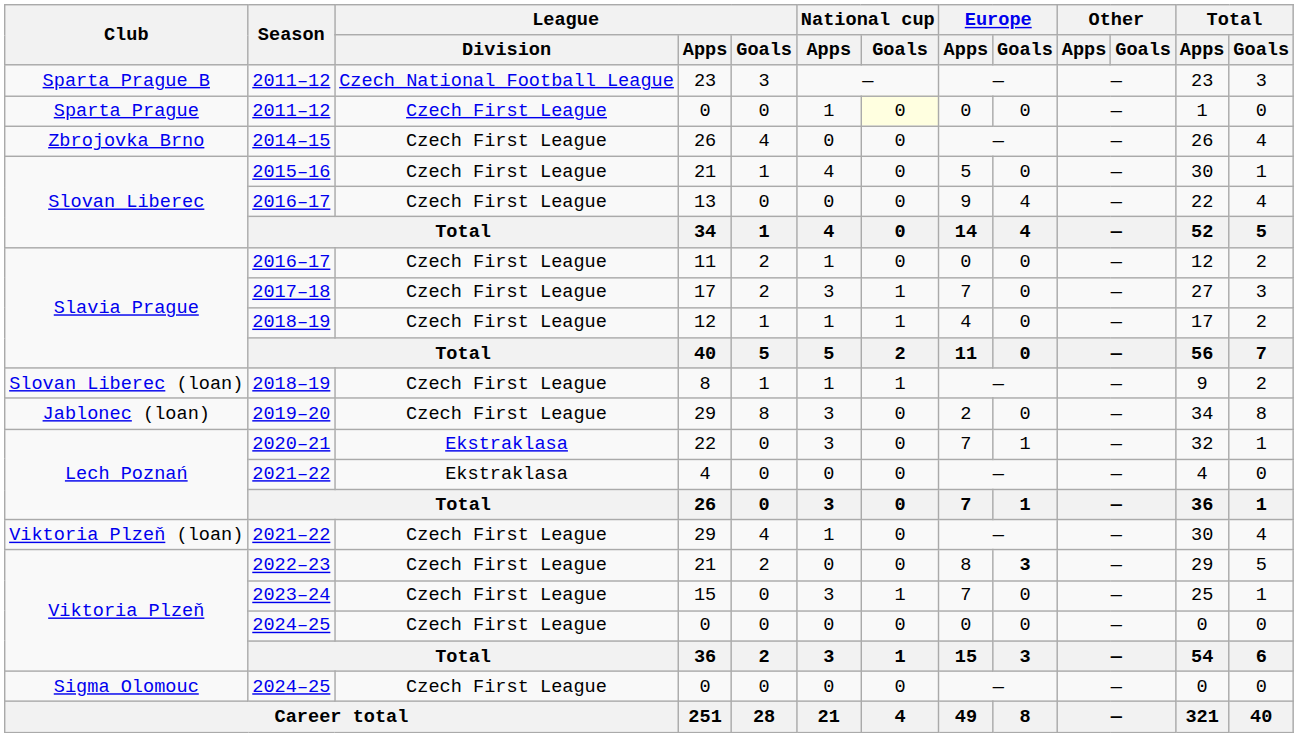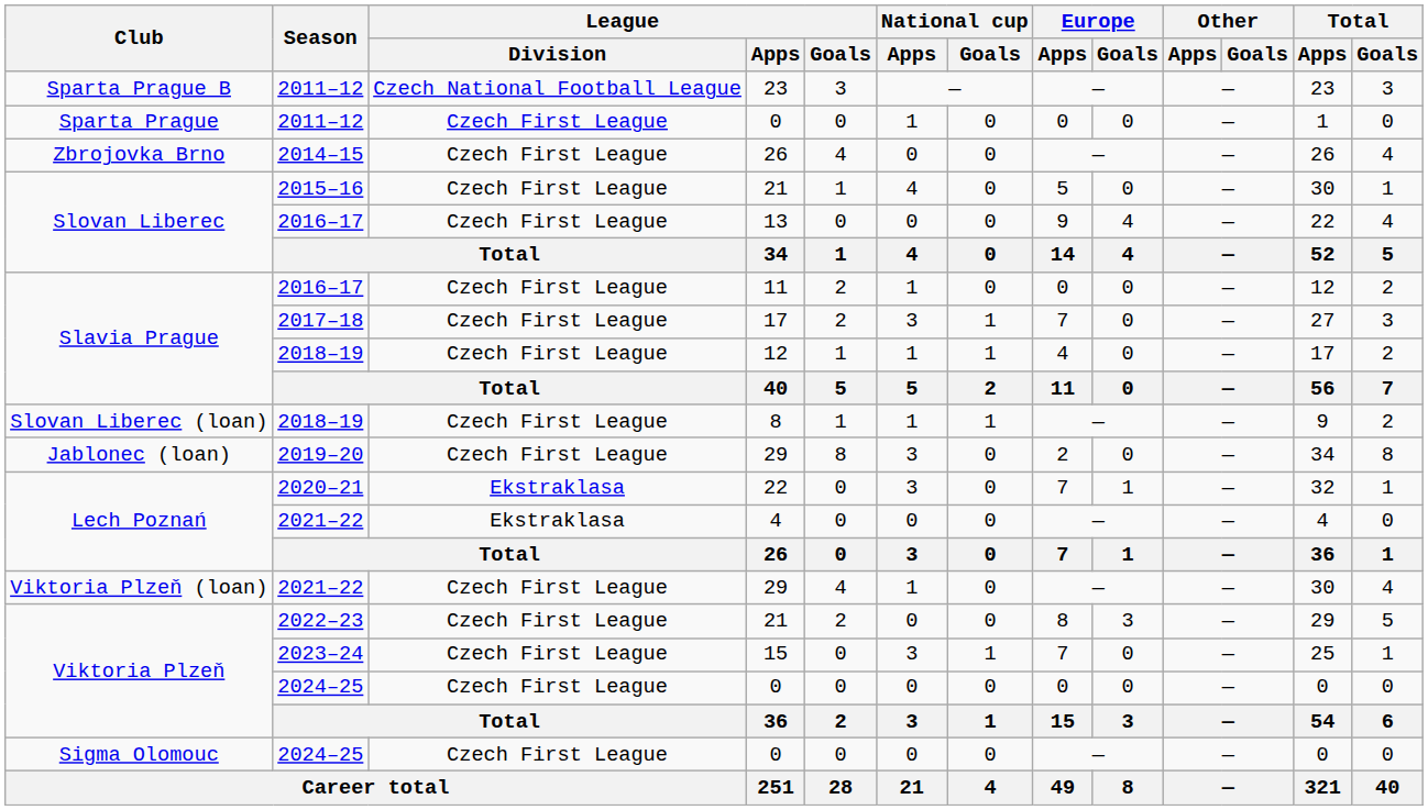 <table class="wikitable" style="text-align:center">
 <tr>
 <th rowspan="2">Club</th>
 <th rowspan="2">Season</th>
 <th colspan="3">League</th>
 <th colspan="2">National cup</th>
 <th colspan="2"><a href='#'>Europe</a></th>
 <th colspan="2">Other</th>
 <th colspan="2">Total</th>
 </tr>
 <tr>
 <th>Division</th>
 <th>Apps</th>
 <th>Goals</th>
 <th>Apps</th>
 <th>Goals</th>
 <th>Apps</th>
 <th>Goals</th>
 <th>Apps</th>
 <th>Goals</th>
 <th>Apps</th>
 <th>Goals</th>
 </tr>
 <tr>
 <td><a href='#'>Sparta Prague B</a></td>
 <td><a href='#'>2011–12</a></td>
 <td><a href='#'>Czech National Football League</a></td>
 <td>23</td>
 <td>3</td>
 <td colspan="2">—</td>
 <td colspan="2">—</td>
 <td colspan="2">—</td>
 <td>23</td>
 <td>3</td>
 </tr>
 <tr>
 <td><a href='#'>Sparta Prague</a></td>
 <td><a href='#'>2011–12</a></td>
 <td><a href='#'>Czech First League</a></td>
 <td>0</td>
 <td>0</td>
 <td>1</td>
-<td style="background: lightyellow;">0</td>
+<td>0</td>
 <td>0</td>
 <td>0</td>
 <td colspan="2">—</td>
 <td>1</td>
 <td>0</td>
 </tr>
 <tr>
 <td><a href='#'>Zbrojovka Brno</a></td>
 <td><a href='#'>2014–15</a></td>
 <td>Czech First League</td>
 <td>26</td>
 <td>4</td>
 <td>0</td>
 <td>0</td>
 <td colspan="2">—</td>
 <td colspan="2">—</td>
 <td>26</td>
 <td>4</td>
 </tr>
 <tr>
 <td rowspan="3"><a href='#'>Slovan Liberec</a></td>
 <td><a href='#'>2015–16</a></td>
 <td>Czech First League</td>
 <td>21</td>
 <td>1</td>
 <td>4</td>
 <td>0</td>
 <td>5</td>
 <td>0</td>
 <td colspan="2">—</td>
 <td>30</td>
 <td>1</td>
 </tr>
 <tr>
 <td><a href='#'>2016–17</a></td>
 <td>Czech First League</td>
 <td>13</td>
 <td>0</td>
 <td>0</td>
 <td>0</td>
 <td>9</td>
 <td>4</td>
 <td colspan="2">—</td>
 <td>22</td>
 <td>4</td>
 </tr>
 <tr>
 <th colspan="2">Total</th>
 <th>34</th>
 <th>1</th>
 <th>4</th>
 <th>0</th>
 <th>14</th>
 <th>4</th>
 <th colspan="2">—</th>
 <th>52</th>
 <th>5</th>
 </tr>
 <tr>
 <td rowspan="4"><a href='#'>Slavia Prague</a></td>
 <td><a href='#'>2016–17</a></td>
 <td>Czech First League</td>
 <td>11</td>
 <td>2</td>
 <td>1</td>
 <td>0</td>
 <td>0</td>
 <td>0</td>
 <td colspan="2">—</td>
 <td>12</td>
 <td>2</td>
 </tr>
 <tr>
 <td><a href='#'>2017–18</a></td>
 <td>Czech First League</td>
 <td>17</td>
 <td>2</td>
 <td>3</td>
 <td>1</td>
 <td>7</td>
 <td>0</td>
 <td colspan="2">—</td>
 <td>27</td>
 <td>3</td>
 </tr>
 <tr>
 <td><a href='#'>2018–19</a></td>
 <td>Czech First League</td>
 <td>12</td>
 <td>1</td>
 <td>1</td>
 <td>1</td>
 <td>4</td>
 <td>0</td>
 <td colspan="2">—</td>
 <td>17</td>
 <td>2</td>
 </tr>
 <tr>
 <th colspan="2">Total</th>
 <th>40</th>
 <th>5</th>
 <th>5</th>
 <th>2</th>
 <th>11</th>
 <th>0</th>
 <th colspan="2">—</th>
 <th>56</th>
 <th>7</th>
 </tr>
 <tr>
 <td><a href='#'>Slovan Liberec</a> (loan)</td>
 <td><a href='#'>2018–19</a></td>
 <td>Czech First League</td>
 <td>8</td>
 <td>1</td>
 <td>1</td>
 <td>1</td>
 <td colspan="2">—</td>
 <td colspan="2">—</td>
 <td>9</td>
 <td>2</td>
 </tr>
 <tr>
 <td><a href='#'>Jablonec</a> (loan)</td>
 <td><a href='#'>2019–20</a></td>
 <td>Czech First League</td>
 <td>29</td>
 <td>8</td>
 <td>3</td>
 <td>0</td>
 <td>2</td>
 <td>0</td>
 <td colspan="2">—</td>
 <td>34</td>
 <td>8</td>
 </tr>
 <tr>
 <td rowspan="3"><a href='#'>Lech Poznań</a></td>
 <td><a href='#'>2020–21</a></td>
 <td><a href='#'>Ekstraklasa</a></td>
 <td>22</td>
 <td>0</td>
 <td>3</td>
 <td>0</td>
 <td>7</td>
 <td>1</td>
 <td colspan="2">—</td>
 <td>32</td>
 <td>1</td>
 </tr>
 <tr>
 <td><a href='#'>2021–22</a></td>
 <td>Ekstraklasa</td>
 <td>4</td>
 <td>0</td>
 <td>0</td>
 <td>0</td>
 <td colspan="2">—</td>
 <td colspan="2">—</td>
 <td>4</td>
 <td>0</td>
 </tr>
 <tr>
 <th colspan="2">Total</th>
 <th>26</th>
 <th>0</th>
 <th>3</th>
 <th>0</th>
 <th>7</th>
 <th>1</th>
 <th colspan="2">—</th>
 <th>36</th>
 <th>1</th>
 </tr>
 <tr>
 <td><a href='#'>Viktoria Plzeň</a> (loan)</td>
 <td><a href='#'>2021–22</a></td>
 <td>Czech First League</td>
 <td>29</td>
 <td>4</td>
 <td>1</td>
 <td>0</td>
 <td colspan="2">—</td>
 <td colspan="2">—</td>
 <td>30</td>
 <td>4</td>
 </tr>
 <tr>
 <td rowspan="4"><a href='#'>Viktoria Plzeň</a></td>
 <td><a href='#'>2022–23</a></td>
 <td>Czech First League</td>
 <td>21</td>
 <td>2</td>
 <td>0</td>
 <td>0</td>
 <td>8</td>
-<td><strong>3</strong></td>
+<td>3</td>
 <td colspan="2">—</td>
 <td>29</td>
 <td>5</td>
 </tr>
 <tr>
 <td><a href='#'>2023–24</a></td>
 <td>Czech First League</td>
 <td>15</td>
 <td>0</td>
 <td>3</td>
 <td>1</td>
 <td>7</td>
 <td>0</td>
 <td colspan="2">—</td>
 <td>25</td>
 <td>1</td>
 </tr>
 <tr>
 <td><a href='#'>2024–25</a></td>
 <td>Czech First League</td>
 <td>0</td>
 <td>0</td>
 <td>0</td>
 <td>0</td>
 <td>0</td>
 <td>0</td>
 <td colspan="2">—</td>
 <td>0</td>
 <td>0</td>
 </tr>
 <tr>
 <th colspan="2">Total</th>
 <th>36</th>
 <th>2</th>
 <th>3</th>
 <th>1</th>
 <th>15</th>
 <th>3</th>
 <th colspan="2">—</th>
 <th>54</th>
 <th>6</th>
 </tr>
 <tr>
 <td><a href='#'>Sigma Olomouc</a></td>
 <td><a href='#'>2024–25</a></td>
 <td>Czech First League</td>
 <td>0</td>
 <td>0</td>
 <td>0</td>
 <td>0</td>
 <td colspan="2">—</td>
 <td colspan="2">—</td>
 <td>0</td>
 <td>0</td>
 </tr>
 <tr>
 <th colspan="3">Career total</th>
 <th>251</th>
 <th>28</th>
 <th>21</th>
 <th>4</th>
 <th>49</th>
 <th>8</th>
 <th colspan="2">—</th>
 <th>321</th>
 <th>40</th>
 </tr>
 </table>
